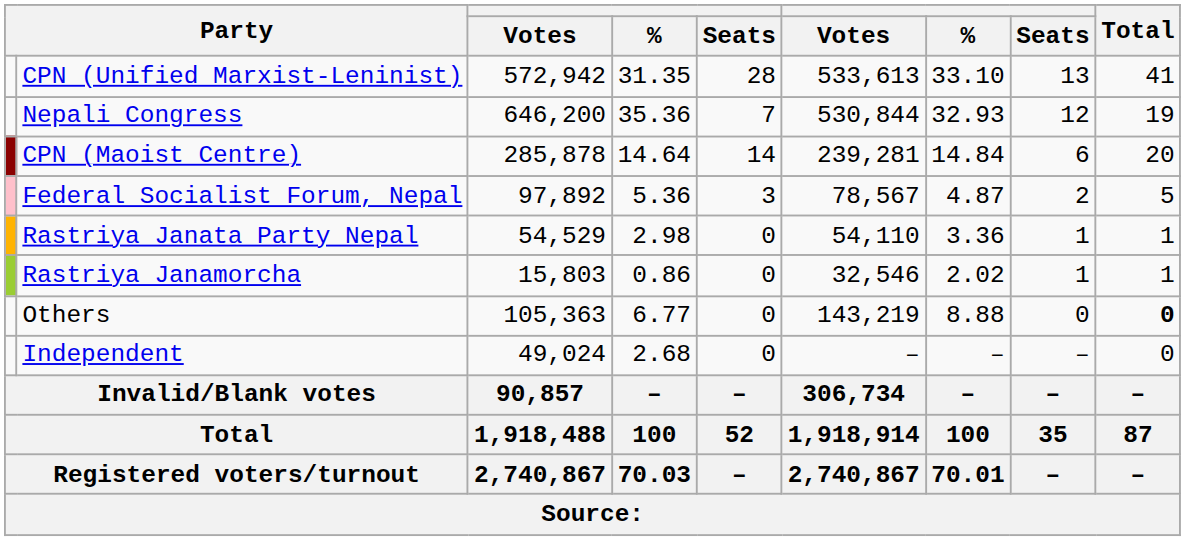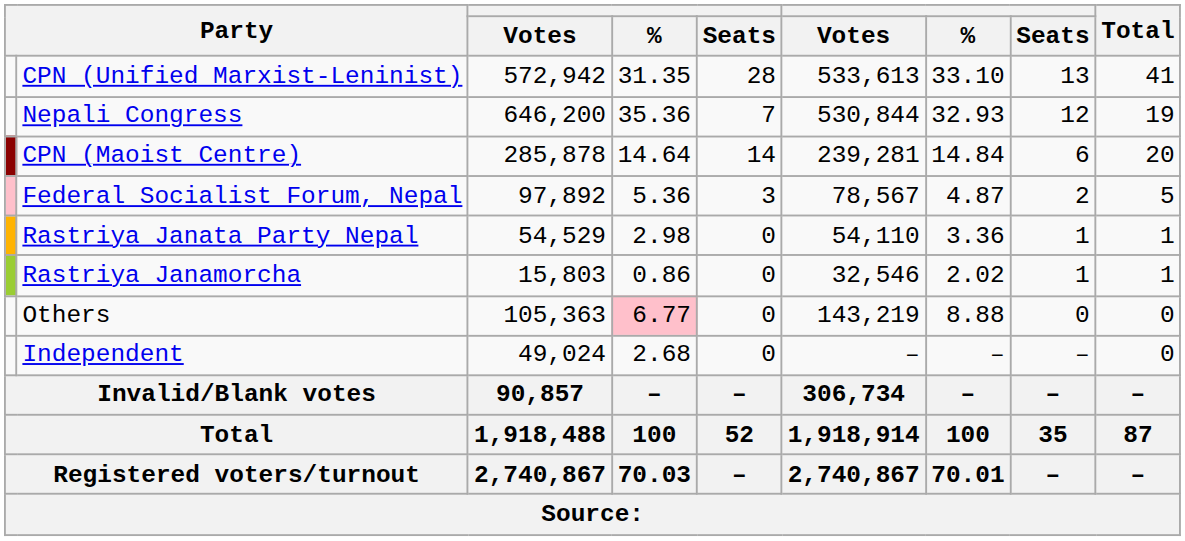 <table class="wikitable" style="text-align:right">
 <tr>
 <th colspan="2" rowspan="2">Party</th>
 <th colspan="3"></th>
 <th colspan="3"></th>
 <th rowspan="2">Total</th>
 </tr>
 <tr>
 <th>Votes</th>
 <th>%</th>
 <th>Seats</th>
 <th>Votes</th>
 <th>%</th>
 <th>Seats</th>
 </tr>
 <tr>
 <td></td>
 <td align="left"><a href='#'>CPN (Unified Marxist-Leninist)</a></td>
 <td>572,942</td>
 <td>31.35</td>
 <td>28</td>
 <td>533,613</td>
 <td>33.10</td>
 <td>13</td>
 <td>41</td>
 </tr>
 <tr>
 <td></td>
 <td align="left"><a href='#'>Nepali Congress</a></td>
 <td>646,200</td>
 <td>35.36</td>
 <td>7</td>
 <td>530,844</td>
 <td>32.93</td>
 <td>12</td>
 <td>19</td>
 </tr>
 <tr>
 <td bgcolor="8B0000"></td>
 <td align="left"><a href='#'>CPN (Maoist Centre)</a></td>
 <td>285,878</td>
 <td>14.64</td>
 <td>14</td>
 <td>239,281</td>
 <td>14.84</td>
 <td>6</td>
 <td>20</td>
 </tr>
 <tr>
 <td bgcolor="FFC0CB"></td>
 <td align="left"><a href='#'>Federal Socialist Forum, Nepal</a></td>
 <td>97,892</td>
 <td>5.36</td>
 <td>3</td>
 <td>78,567</td>
 <td>4.87</td>
 <td>2</td>
 <td>5</td>
 </tr>
 <tr>
 <td bgcolor="FFb300"></td>
 <td align="left"><a href='#'>Rastriya Janata Party Nepal</a></td>
 <td>54,529</td>
 <td>2.98</td>
 <td>0</td>
 <td>54,110</td>
 <td>3.36</td>
 <td>1</td>
 <td>1</td>
 </tr>
 <tr>
 <td bgcolor="#9ACD32"></td>
 <td align="left"><a href='#'>Rastriya Janamorcha</a></td>
 <td>15,803</td>
 <td>0.86</td>
 <td>0</td>
 <td>32,546</td>
 <td>2.02</td>
 <td>1</td>
 <td>1</td>
 </tr>
 <tr>
 <td></td>
 <td align="left">Others</td>
 <td>105,363</td>
-<td>6.77</td>
+<td style="background: pink;">6.77</td>
 <td>0</td>
 <td>143,219</td>
 <td>8.88</td>
 <td>0</td>
-<td><strong>0</strong></td>
+<td>0</td>
 </tr>
 <tr>
 <td></td>
 <td align="left"><a href='#'>Independent</a></td>
 <td>49,024</td>
 <td>2.68</td>
 <td>0</td>
 <td>–</td>
 <td>–</td>
 <td>–</td>
 <td>0</td>
 </tr>
 <tr>
 <th colspan="2">Invalid/Blank votes</th>
 <th>90,857</th>
 <th>–</th>
 <th>–</th>
 <th>306,734</th>
 <th>–</th>
 <th>–</th>
 <th>–</th>
 </tr>
 <tr>
 <th colspan="2">Total</th>
 <th>1,918,488</th>
 <th>100</th>
 <th>52</th>
 <th>1,918,914</th>
 <th>100</th>
 <th>35</th>
 <th>87</th>
 </tr>
 <tr>
 <th colspan="2">Registered voters/turnout</th>
 <th>2,740,867</th>
 <th>70.03</th>
 <th>–</th>
 <th>2,740,867</th>
 <th>70.01</th>
 <th>–</th>
 <th>–</th>
 </tr>
 <tr>
 <th colspan="9">Source: </th>
 </tr>
 </table>
